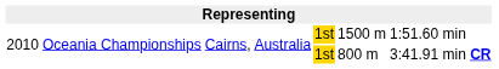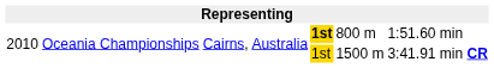 <table>
 <tr>
 <th bgcolor="#eeeeee" colspan="6">Representing </th>
 </tr>
 <tr>
 <td rowspan=2>2010</td>
 <td rowspan=2><a href='#'>Oceania Championships</a></td>
 <td rowspan=2><a href='#'>Cairns</a>, <a href='#'>Australia</a></td>
-<td bgcolor=gold>1st</td>
-<td>1500 m</td>
+<td bgcolor=gold><strong>1st</strong></td>
+<td>800 m</td>
 <td>1:51.60 min</td>
 </tr>
 <tr>
 <td bgcolor=gold>1st</td>
-<td>800 m</td>
+<td>1500 m</td>
 <td>3:41.91 min <strong><a href='#'>CR</a></strong></td>
 </tr>
 </table>
